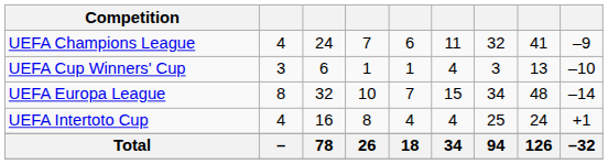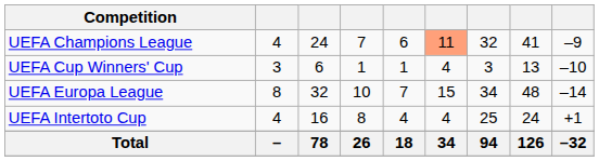 <table class="wikitable" style="text-align: center;">
 <tr>
 <th width="244">Competition</th>
 <th width="35"></th>
 <th width="35"></th>
 <th width="35"></th>
 <th width="35"></th>
 <th width="35"></th>
 <th width="35"></th>
 <th width="35"></th>
 <th width="35"></th>
 </tr>
 <tr>
 <td align="left"><a href='#'>UEFA Champions League</a></td>
 <td>4</td>
 <td>24</td>
 <td>7</td>
 <td>6</td>
-<td>11</td>
+<td style="background: lightsalmon;">11</td>
 <td>32</td>
 <td>41</td>
 <td>–9</td>
 </tr>
 <tr>
 <td align="left"><a href='#'>UEFA Cup Winners' Cup</a></td>
 <td>3</td>
 <td>6</td>
 <td>1</td>
 <td>1</td>
 <td>4</td>
 <td>3</td>
 <td>13</td>
 <td>–10</td>
 </tr>
 <tr>
 <td align="left"><a href='#'>UEFA Europa League</a></td>
 <td>8</td>
 <td>32</td>
 <td>10</td>
 <td>7</td>
 <td>15</td>
 <td>34</td>
 <td>48</td>
 <td>–14</td>
 </tr>
 <tr>
 <td align="left"><a href='#'>UEFA Intertoto Cup</a></td>
 <td>4</td>
 <td>16</td>
 <td>8</td>
 <td>4</td>
 <td>4</td>
 <td>25</td>
 <td>24</td>
 <td>+1</td>
 </tr>
 <tr>
 </tr>
 <tr class="sortbottom">
 <th>Total</th>
 <th><strong>–</strong></th>
 <th><strong>78</strong></th>
 <th><strong>26</strong></th>
 <th><strong>18</strong></th>
 <th><strong>34</strong></th>
 <th><strong>94</strong></th>
 <th><strong>126</strong></th>
 <th><strong>–32</strong></th>
 </tr>
 <tr>
 </tr>
 </table>
